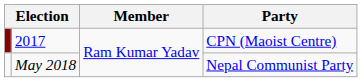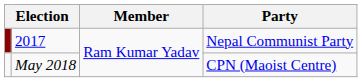 <table class="wikitable">
 <tr>
 <th colspan="2">Election</th>
 <th>Member</th>
 <th>Party</th>
 </tr>
 <tr>
 <td style="background-color:darkred"></td>
 <td><a href='#'>2017</a></td>
 <td rowspan="2"><a href='#'>Ram Kumar Yadav</a></td>
-<td><a href='#'>CPN (Maoist Centre)</a></td>
+<td><a href='#'>Nepal Communist Party</a></td>
 </tr>
 <tr>
 <td style="background-color:"></td>
 <td><em>May 2018</em></td>
-<td><a href='#'>Nepal Communist Party</a></td>
+<td><a href='#'>CPN (Maoist Centre)</a></td>
 </tr>
 </table>
